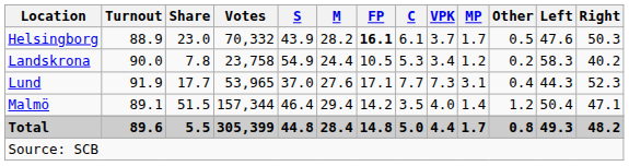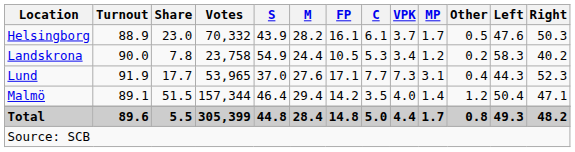 <table class="wikitable sortable" style=text-align:right>
 <tr>
 <th>Location</th>
 <th>Turnout</th>
 <th>Share</th>
 <th>Votes</th>
 <th><a href='#'>S</a></th>
 <th><a href='#'>M</a></th>
 <th><a href='#'>FP</a></th>
 <th><a href='#'>C</a></th>
 <th><a href='#'>VPK</a></th>
 <th><a href='#'>MP</a></th>
 <th>Other</th>
 <th>Left</th>
 <th>Right</th>
 </tr>
 <tr>
 <td align=left><a href='#'>Helsingborg</a></td>
 <td>88.9</td>
 <td>23.0</td>
 <td>70,332</td>
 <td>43.9</td>
 <td>28.2</td>
-<td><strong>16.1</strong></td>
+<td>16.1</td>
 <td>6.1</td>
 <td>3.7</td>
 <td>1.7</td>
 <td>0.5</td>
 <td>47.6</td>
 <td>50.3</td>
 </tr>
 <tr>
 <td align=left><a href='#'>Landskrona</a></td>
 <td>90.0</td>
 <td>7.8</td>
 <td>23,758</td>
 <td>54.9</td>
 <td>24.4</td>
 <td>10.5</td>
 <td>5.3</td>
 <td>3.4</td>
 <td>1.2</td>
 <td>0.2</td>
 <td>58.3</td>
 <td>40.2</td>
 </tr>
 <tr>
 <td align=left><a href='#'>Lund</a></td>
 <td>91.9</td>
 <td>17.7</td>
 <td>53,965</td>
 <td>37.0</td>
 <td>27.6</td>
 <td>17.1</td>
 <td>7.7</td>
 <td>7.3</td>
 <td>3.1</td>
 <td>0.4</td>
 <td>44.3</td>
 <td>52.3</td>
 </tr>
 <tr>
 <td align=left><a href='#'>Malmö</a></td>
 <td>89.1</td>
 <td>51.5</td>
 <td>157,344</td>
 <td>46.4</td>
 <td>29.4</td>
 <td>14.2</td>
 <td>3.5</td>
 <td>4.0</td>
 <td>1.4</td>
 <td>1.2</td>
 <td>50.4</td>
 <td>47.1</td>
 </tr>
 <tr>
 </tr>
 <tr style="background:#CDCDCD;">
 <td align=left><strong>Total</strong></td>
 <td><strong>89.6</strong></td>
 <td><strong>5.5</strong></td>
 <td><strong>305,399</strong></td>
 <td><strong>44.8</strong></td>
 <td><strong>28.4</strong></td>
 <td><strong>14.8</strong></td>
 <td><strong>5.0</strong></td>
 <td><strong>4.4</strong></td>
 <td><strong>1.7</strong></td>
 <td><strong>0.8</strong></td>
 <td><strong>49.3</strong></td>
 <td><strong>48.2</strong></td>
 </tr>
 <tr>
 <td align=left colspan=13>Source: SCB </td>
 </tr>
 </table>
